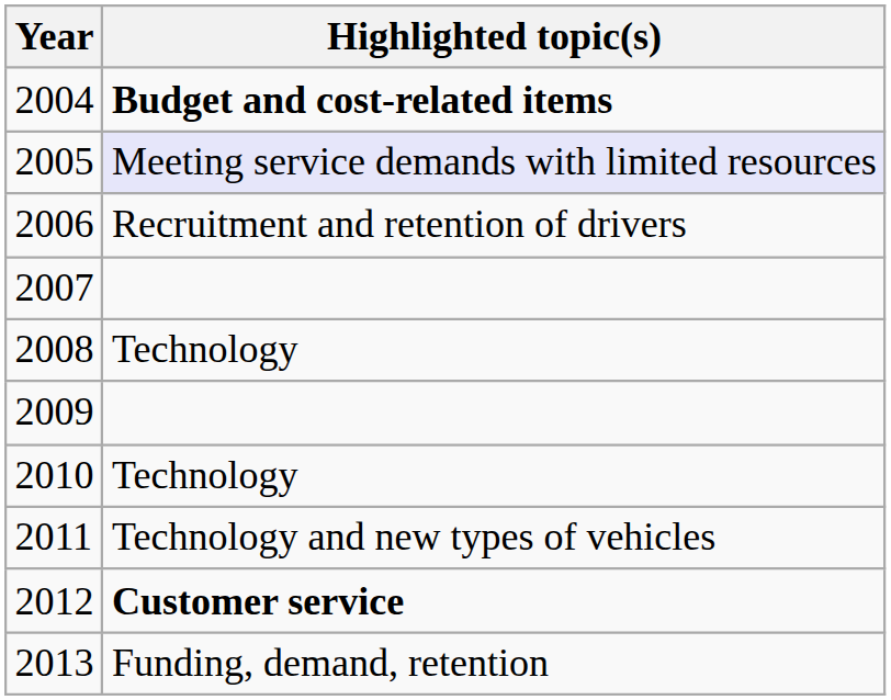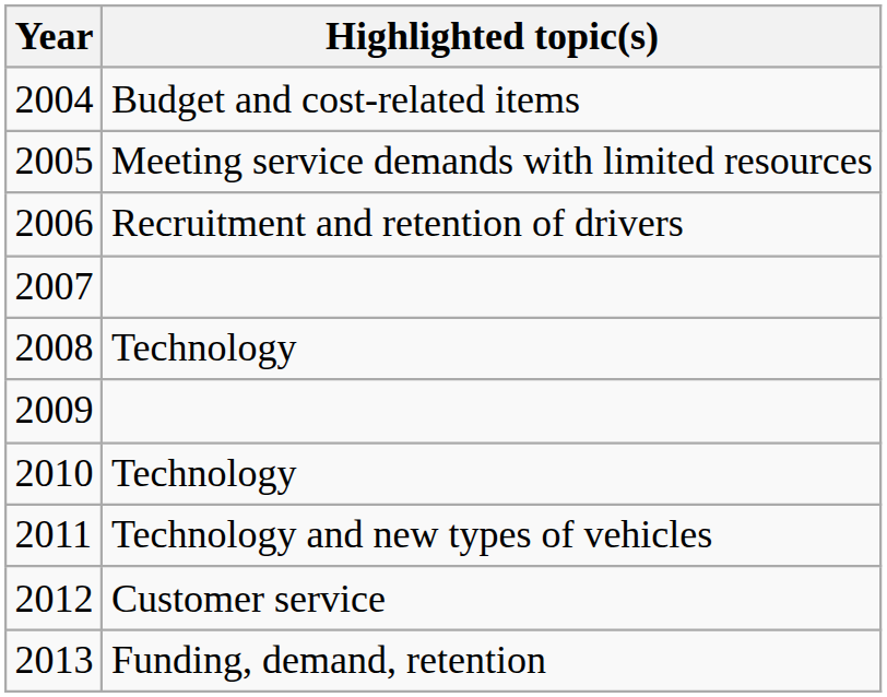 <table class="wikitable">
 <tr>
 <th>Year</th>
 <th>Highlighted topic(s)</th>
 </tr>
 <tr>
 <td>2004</td>
-<td><strong>Budget and cost-related items</strong></td>
+<td>Budget and cost-related items</td>
 </tr>
 <tr>
 <td>2005</td>
-<td style="background: lavender;">Meeting service demands with limited resources</td>
+<td>Meeting service demands with limited resources</td>
 </tr>
 <tr>
 <td>2006</td>
 <td>Recruitment and retention of drivers</td>
 </tr>
 <tr>
 <td>2007</td>
 <td></td>
 </tr>
 <tr>
 <td>2008</td>
 <td>Technology</td>
 </tr>
 <tr>
 <td>2009</td>
 <td></td>
 </tr>
 <tr>
 <td>2010</td>
 <td>Technology</td>
 </tr>
 <tr>
 <td>2011</td>
 <td>Technology and new types of vehicles</td>
 </tr>
 <tr>
 <td>2012</td>
-<td><strong>Customer service</strong></td>
+<td>Customer service</td>
 </tr>
 <tr>
 <td>2013</td>
 <td>Funding, demand, retention</td>
 </tr>
 </table>
